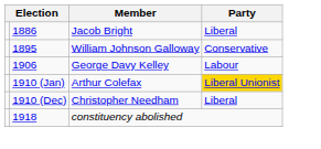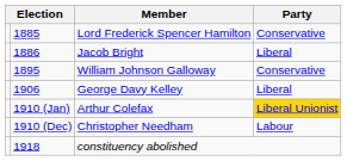 <table class="wikitable">
 <tr>
 <th colspan="2">Election</th>
 <th>Member </th>
 <th>Party</th>
+</tr>
+<tr>
+<td style="color:inherit;background-color: "></td>
+<td><a href='#'>1885</a></td>
+<td><a href='#'>Lord Frederick Spencer Hamilton</a></td>
+<td><a href='#'>Conservative</a></td>
 </tr>
 <tr>
 <td style="color:inherit;background-color: "></td>
 <td><a href='#'>1886</a></td>
 <td><a href='#'>Jacob Bright</a></td>
 <td><a href='#'>Liberal</a></td>
 </tr>
 <tr>
 <td style="color:inherit;background-color: "></td>
 <td><a href='#'>1895</a></td>
 <td><a href='#'>William Johnson Galloway</a></td>
 <td><a href='#'>Conservative</a></td>
 </tr>
 <tr>
 <td style="color:inherit;background-color: "></td>
 <td><a href='#'>1906</a></td>
 <td><a href='#'>George Davy Kelley</a></td>
-<td><a href='#'>Labour</a></td>
+<td><a href='#'>Liberal</a></td>
 </tr>
 <tr>
 <td style="color:inherit;background-color: "></td>
 <td><a href='#'>1910 (Jan)</a></td>
 <td><a href='#'>Arthur Colefax</a></td>
 <td style="background: gold;"><a href='#'>Liberal Unionist</a></td>
 </tr>
 <tr>
 <td style="color:inherit;background-color: "></td>
 <td><a href='#'>1910 (Dec)</a></td>
 <td><a href='#'>Christopher Needham</a></td>
-<td><a href='#'>Liberal</a></td>
+<td><a href='#'>Labour</a></td>
 </tr>
 <tr>
 <td></td>
 <td><a href='#'>1918</a></td>
 <td colspan="2"><em>constituency abolished</em></td>
 </tr>
 </table>
